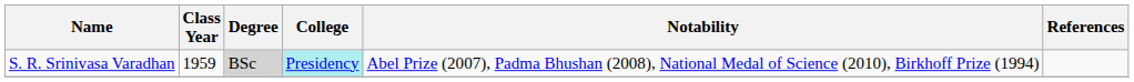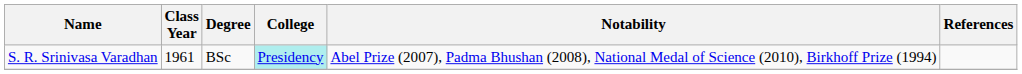 <table class="wikitable">
 <tr>
 <th>Name</th>
 <th>Class<br>Year</th>
 <th>Degree</th>
 <th>College</th>
 <th>Notability</th>
 <th>References</th>
 </tr>
 <tr>
 <td><a href='#'>S. R. Srinivasa Varadhan</a></td>
-<td>1959</td>
-<td style="background: lightgrey;">BSc</td>
+<td>1961</td>
+<td>BSc</td>
 <td style="background: paleturquoise;"><a href='#'>Presidency</a></td>
 <td><a href='#'>Abel Prize</a> (2007), <a href='#'>Padma Bhushan</a> (2008), <a href='#'>National Medal of Science</a> (2010), <a href='#'>Birkhoff Prize</a> (1994)</td>
 <td></td>
 </tr>
 <tr>
 </tr>
 </table>
